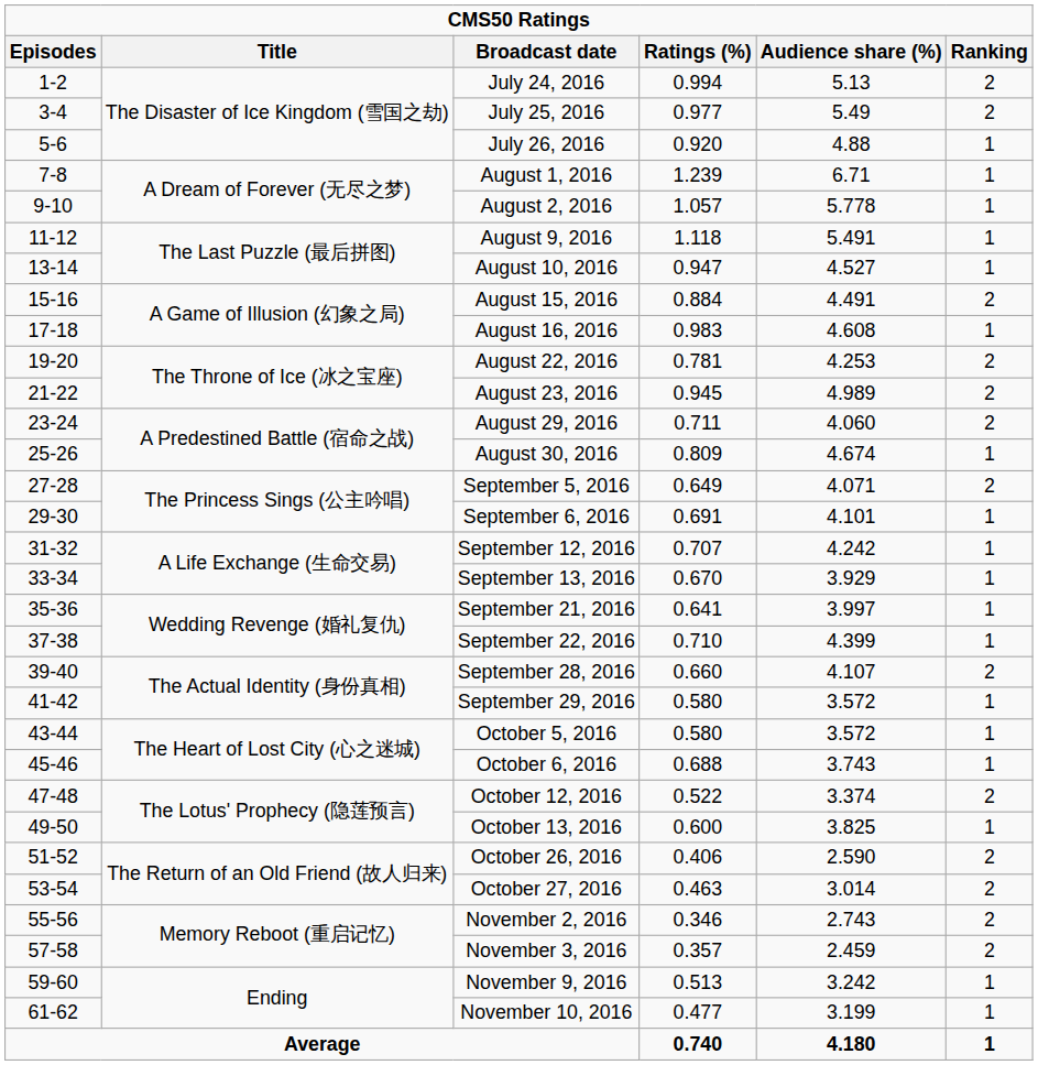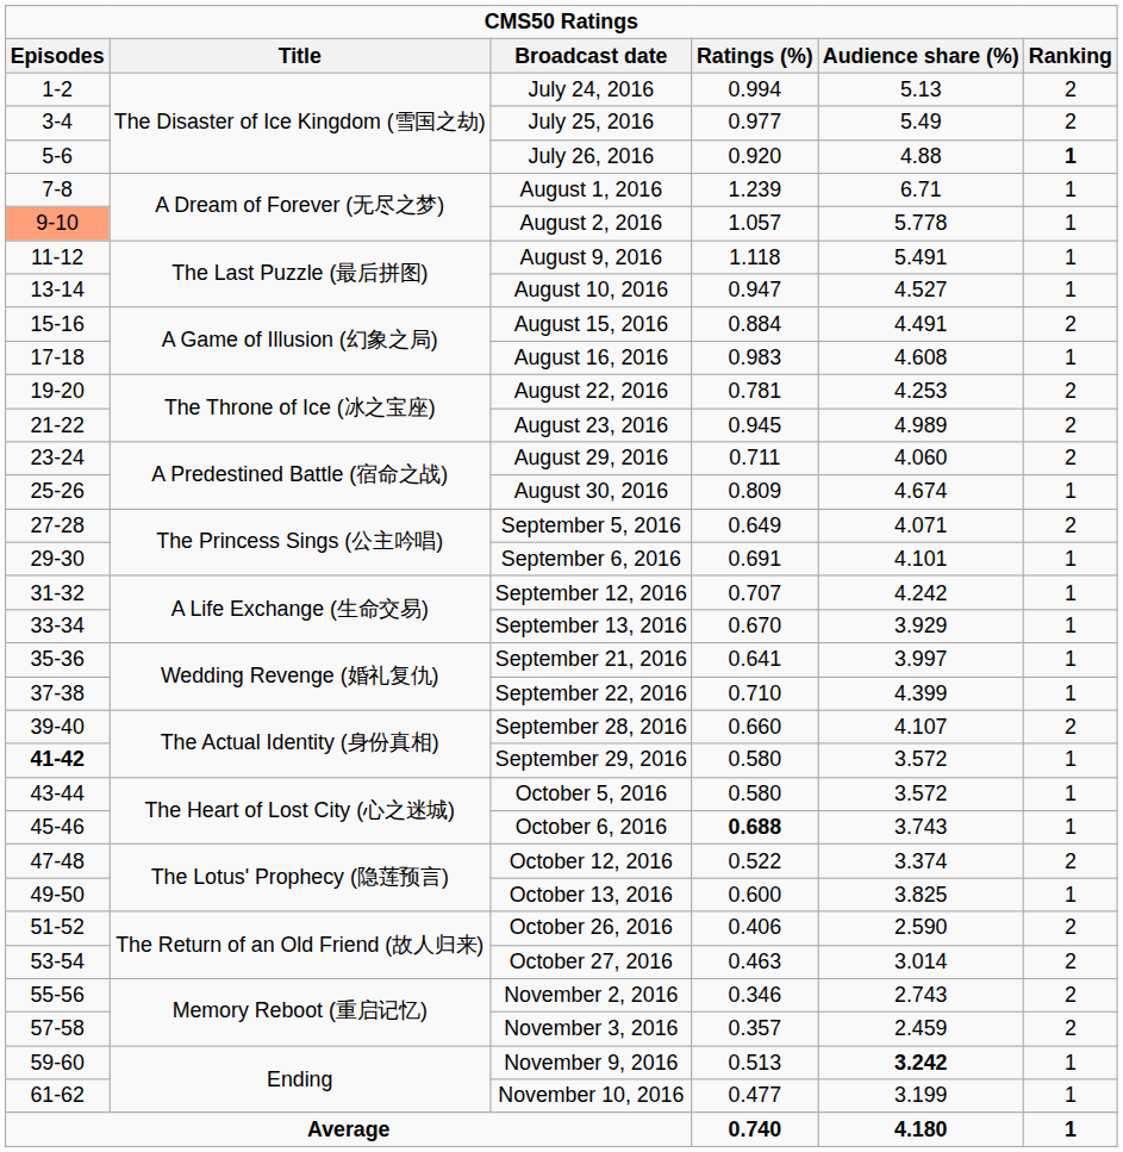 <table class="wikitable sortable mw-collapsible jquery-tablesorter" style="text-align:center">
 <tr>
 <td colspan="6"><strong>CMS50 Ratings</strong></td>
 </tr>
 <tr>
 <th>Episodes</th>
 <th>Title</th>
 <th>Broadcast date</th>
 <th>Ratings (%)</th>
 <th>Audience share (%)</th>
 <th>Ranking</th>
 </tr>
 <tr>
 <td>1-2</td>
 <td rowspan=3>The Disaster of Ice Kingdom (雪国之劫)</td>
 <td>July 24, 2016</td>
 <td>0.994</td>
 <td>5.13</td>
 <td>2</td>
 </tr>
 <tr>
 <td>3-4</td>
 <td>July 25, 2016</td>
 <td>0.977</td>
 <td>5.49</td>
 <td>2</td>
 </tr>
 <tr>
 <td>5-6</td>
 <td>July 26, 2016</td>
 <td>0.920</td>
 <td>4.88</td>
-<td>1</td>
+<td><strong>1</strong></td>
 </tr>
 <tr>
 <td>7-8</td>
 <td rowspan=2>A Dream of Forever (无尽之梦)</td>
 <td>August 1, 2016</td>
 <td>1.239</td>
 <td>6.71</td>
 <td>1</td>
 </tr>
 <tr>
-<td>9-10</td>
+<td style="background: lightsalmon;">9-10</td>
 <td>August 2, 2016</td>
 <td>1.057</td>
 <td>5.778</td>
 <td>1</td>
 </tr>
 <tr>
 <td>11-12</td>
 <td rowspan=2>The Last Puzzle (最后拼图)</td>
 <td>August 9, 2016</td>
 <td>1.118</td>
 <td>5.491</td>
 <td>1</td>
 </tr>
 <tr>
 <td>13-14</td>
 <td>August 10, 2016</td>
 <td>0.947</td>
 <td>4.527</td>
 <td>1</td>
 </tr>
 <tr>
 <td>15-16</td>
 <td rowspan=2>A Game of Illusion (幻象之局)</td>
 <td>August 15, 2016</td>
 <td>0.884</td>
 <td>4.491</td>
 <td>2</td>
 </tr>
 <tr>
 <td>17-18</td>
 <td>August 16, 2016</td>
 <td>0.983</td>
 <td>4.608</td>
 <td>1</td>
 </tr>
 <tr>
 <td>19-20</td>
 <td rowspan=2>The Throne of Ice (冰之宝座)</td>
 <td>August 22, 2016</td>
 <td>0.781</td>
 <td>4.253</td>
 <td>2</td>
 </tr>
 <tr>
 <td>21-22</td>
 <td>August 23, 2016</td>
 <td>0.945</td>
 <td>4.989</td>
 <td>2</td>
 </tr>
 <tr>
 <td>23-24</td>
 <td rowspan=2>A Predestined Battle (宿命之战)</td>
 <td>August 29, 2016</td>
 <td>0.711</td>
 <td>4.060</td>
 <td>2</td>
 </tr>
 <tr>
 <td>25-26</td>
 <td>August 30, 2016</td>
 <td>0.809</td>
 <td>4.674</td>
 <td>1</td>
 </tr>
 <tr>
 <td>27-28</td>
 <td rowspan=2>The Princess Sings (公主吟唱)</td>
 <td>September 5, 2016</td>
 <td>0.649</td>
 <td>4.071</td>
 <td>2</td>
 </tr>
 <tr>
 <td>29-30</td>
 <td>September 6, 2016</td>
 <td>0.691</td>
 <td>4.101</td>
 <td>1</td>
 </tr>
 <tr>
 <td>31-32</td>
 <td rowspan=2>A Life Exchange (生命交易)</td>
 <td>September 12, 2016</td>
 <td>0.707</td>
 <td>4.242</td>
 <td>1</td>
 </tr>
 <tr>
 <td>33-34</td>
 <td>September 13, 2016</td>
 <td>0.670</td>
 <td>3.929</td>
 <td>1</td>
 </tr>
 <tr>
 <td>35-36</td>
 <td rowspan=2>Wedding Revenge (婚礼复仇)</td>
 <td>September 21, 2016</td>
 <td>0.641</td>
 <td>3.997</td>
 <td>1</td>
 </tr>
 <tr>
 <td>37-38</td>
 <td>September 22, 2016</td>
 <td>0.710</td>
 <td>4.399</td>
 <td>1</td>
 </tr>
 <tr>
 <td>39-40</td>
 <td rowspan=2>The Actual Identity (身份真相)</td>
 <td>September 28, 2016</td>
 <td>0.660</td>
 <td>4.107</td>
 <td>2</td>
 </tr>
 <tr>
-<td>41-42</td>
+<td><strong>41-42</strong></td>
 <td>September 29, 2016</td>
 <td>0.580</td>
 <td>3.572</td>
 <td>1</td>
 </tr>
 <tr>
 <td>43-44</td>
 <td rowspan=2>The Heart of Lost City (心之迷城)</td>
 <td>October 5, 2016</td>
 <td>0.580</td>
 <td>3.572</td>
 <td>1</td>
 </tr>
 <tr>
 <td>45-46</td>
 <td>October 6, 2016</td>
-<td>0.688</td>
+<td><strong>0.688</strong></td>
 <td>3.743</td>
 <td>1</td>
 </tr>
 <tr>
 <td>47-48</td>
 <td rowspan=2>The Lotus' Prophecy (隐莲预言)</td>
 <td>October 12, 2016</td>
 <td>0.522</td>
 <td>3.374</td>
 <td>2</td>
 </tr>
 <tr>
 <td>49-50</td>
 <td>October 13, 2016</td>
 <td>0.600</td>
 <td>3.825</td>
 <td>1</td>
 </tr>
 <tr>
 <td>51-52</td>
 <td rowspan=2>The Return of an Old Friend (故人归来)</td>
 <td>October 26, 2016</td>
 <td>0.406</td>
 <td>2.590</td>
 <td>2</td>
 </tr>
 <tr>
 <td>53-54</td>
 <td>October 27, 2016</td>
 <td>0.463</td>
 <td>3.014</td>
 <td>2</td>
 </tr>
 <tr>
 <td>55-56</td>
 <td rowspan=2>Memory Reboot (重启记忆)</td>
 <td>November 2, 2016</td>
 <td>0.346</td>
 <td>2.743</td>
 <td>2</td>
 </tr>
 <tr>
 <td>57-58</td>
 <td>November 3, 2016</td>
 <td>0.357</td>
 <td>2.459</td>
 <td>2</td>
 </tr>
 <tr>
 <td>59-60</td>
 <td rowspan=2>Ending</td>
 <td>November 9, 2016</td>
 <td>0.513</td>
-<td>3.242</td>
+<td><strong>3.242</strong></td>
 <td>1</td>
 </tr>
 <tr>
 <td>61-62</td>
 <td>November 10, 2016</td>
 <td>0.477</td>
 <td>3.199</td>
 <td>1</td>
 </tr>
 <tr>
 <td colspan=3><strong>Average</strong></td>
 <td><strong>0.740</strong></td>
 <td><strong>4.180</strong></td>
 <td><strong>1</strong></td>
 </tr>
 </table>
